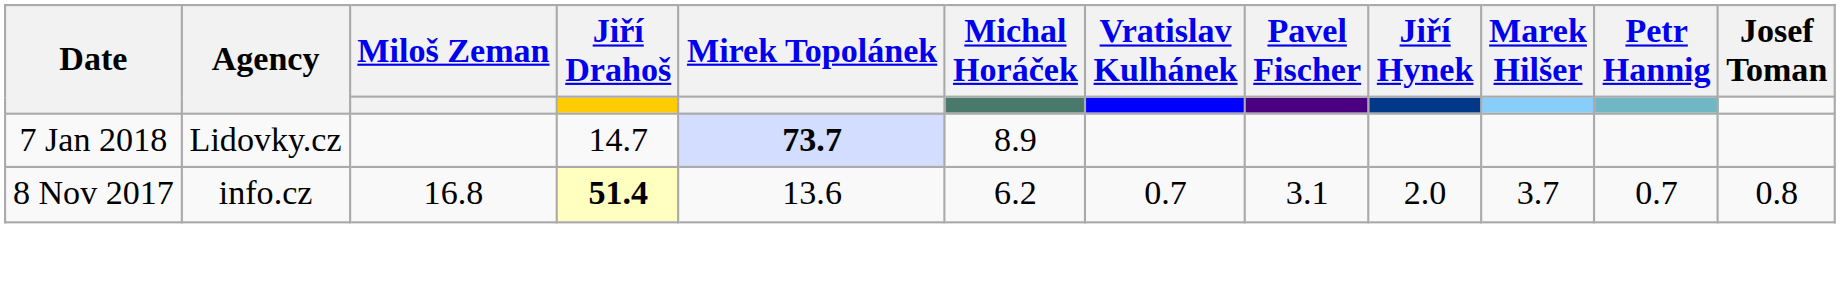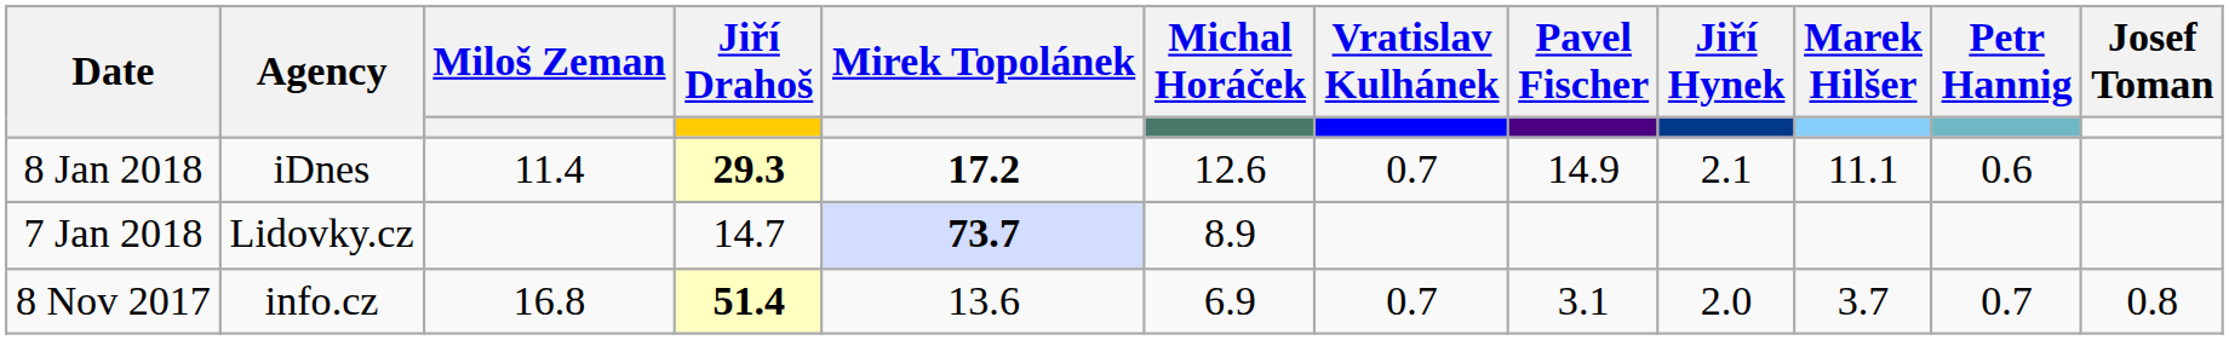 <table class="wikitable" style=text-align:center>
 <tr>
 <th rowspan="2">Date</th>
 <th rowspan="2">Agency</th>
 <th><a href='#'>Miloš Zeman</a></th>
 <th><a href='#'>Jiří Drahoš</a></th>
 <th><a href='#'>Mirek Topolánek</a></th>
 <th><a href='#'>Michal Horáček</a></th>
 <th><a href='#'>Vratislav Kulhánek</a></th>
 <th><a href='#'>Pavel Fischer</a></th>
 <th><a href='#'>Jiří Hynek</a></th>
 <th><a href='#'>Marek Hilšer</a></th>
 <th><a href='#'>Petr Hannig</a></th>
 <th>Josef Toman</th>
 </tr>
 <tr>
 <th style="background:"></th>
 <th style="background:#FFCB03; width:40px;"></th>
 <th style="background:"></th>
 <th style="background:#49796B; width:40px;"></th>
 <th style="background:#0000FF; width:40px;"></th>
 <th style="background:#4b0082; width:40px;"></th>
 <th style="background:#013888; width:40px;"></th>
 <th style="background:#87CEFA; width:40px;"></th>
 <th style="background:#6FB7C5; width:40px;"></th>
 <th style="background:#0000; width:40px;"></th>
 </tr>
 <tr>
+<td>8 Jan 2018</td>
+<td>iDnes</td>
+<td>11.4</td>
+<td style="background:#FFFFBF"><strong>29.3</strong></td>
+<td><strong>17.2</strong></td>
+<td>12.6</td>
+<td>0.7</td>
+<td>14.9</td>
+<td>2.1</td>
+<td>11.1</td>
+<td>0.6</td>
+<td></td>
+</tr>
+<tr>
 <td>7 Jan 2018</td>
 <td>Lidovky.cz</td>
 <td></td>
 <td>14.7</td>
 <td style="background:#D3DDFF"><strong>73.7</strong></td>
 <td>8.9</td>
 <td></td>
 <td></td>
 <td></td>
 <td></td>
 <td></td>
 <td></td>
 </tr>
 <tr>
 <td>8 Nov 2017</td>
 <td>info.cz</td>
 <td>16.8</td>
 <td style="background:#FFFFBF"><strong>51.4</strong></td>
 <td>13.6</td>
-<td>6.2</td>
+<td>6.9</td>
 <td>0.7</td>
 <td>3.1</td>
 <td>2.0</td>
 <td>3.7</td>
 <td>0.7</td>
 <td>0.8</td>
 </tr>
 </table>
